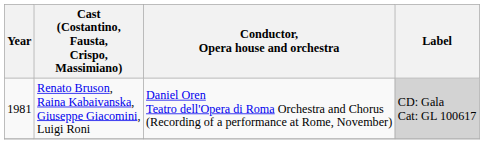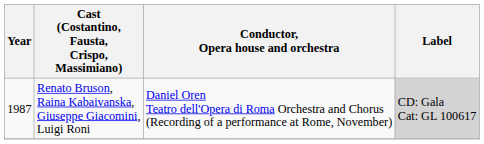 <table class="wikitable">
 <tr>
 <th>Year</th>
 <th>Cast <br>(Costantino,<br>Fausta,<br>Crispo,<br>Massimiano)</th>
 <th>Conductor,<br>Opera house and orchestra</th>
 <th>Label</th>
 </tr>
 <tr>
-<td>1981</td>
+<td>1987</td>
 <td><a href='#'>Renato Bruson</a>,<br><a href='#'>Raina Kabaivanska</a>,<br><a href='#'>Giuseppe Giacomini</a>,<br>Luigi Roni</td>
 <td><a href='#'>Daniel Oren</a><br><a href='#'>Teatro dell'Opera di Roma</a> Orchestra and Chorus<br>(Recording of a performance at Rome, November)</td>
 <td style="background: lightgrey;">CD: Gala<br>Cat: GL 100617</td>
 </tr>
 <tr>
 </tr>
 </table>
